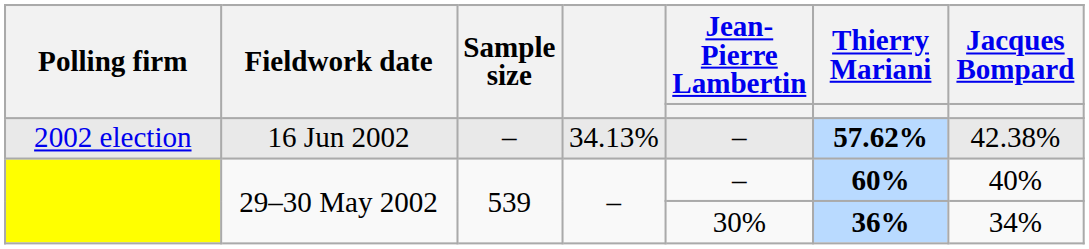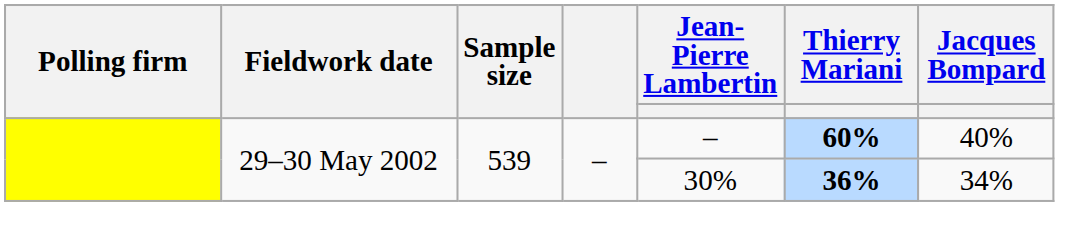 <table class="wikitable sortable" style="text-align:center;font-size:90%;line-height:14px;">
 <tr style="height:40px;">
 <th style="width:100px;" rowspan="2">Polling firm</th>
 <th style="width:110px;" rowspan="2">Fieldwork date</th>
 <th style="width:35px;" rowspan="2">Sample<br>size</th>
 <th style="width:30px;" rowspan="2"></th>
 <th class="unsortable" style="width:60px;"><a href='#'>Jean-Pierre Lambertin</a><br></th>
 <th class="unsortable" style="width:60px;"><a href='#'>Thierry Mariani</a><br></th>
 <th class="unsortable" style="width:60px;"><a href='#'>Jacques Bompard</a><br></th>
 </tr>
 <tr>
 <th style="background:"></th>
 <th style="background:"></th>
 <th style="background:"></th>
-</tr>
-<tr style="background:#E9E9E9;">
-<td><a href='#'>2002 election</a></td>
-<td data-sort-value="2002-06-16">16 Jun 2002</td>
-<td>–</td>
-<td>34.13%</td>
-<td>–</td>
-<td style="background:#B9DAFF;"><strong>57.62%</strong></td>
-<td>42.38%</td>
 </tr>
 <tr>
 <td rowspan="2" style="background:yellow;"></td>
 <td rowspan="2" data-sort-value="2002-05-30">29–30 May 2002</td>
 <td rowspan="2">539</td>
 <td rowspan="2">–</td>
 <td>–</td>
 <td style="background:#B9DAFF;"><strong>60%</strong></td>
 <td>40%</td>
 </tr>
 <tr>
 <td>30%</td>
 <td style="background:#B9DAFF;"><strong>36%</strong></td>
 <td>34%</td>
 </tr>
 </table>
